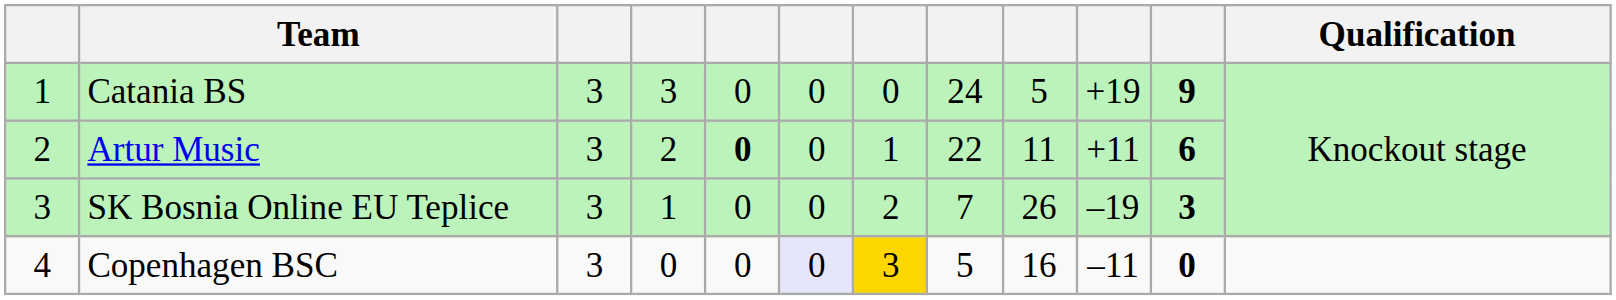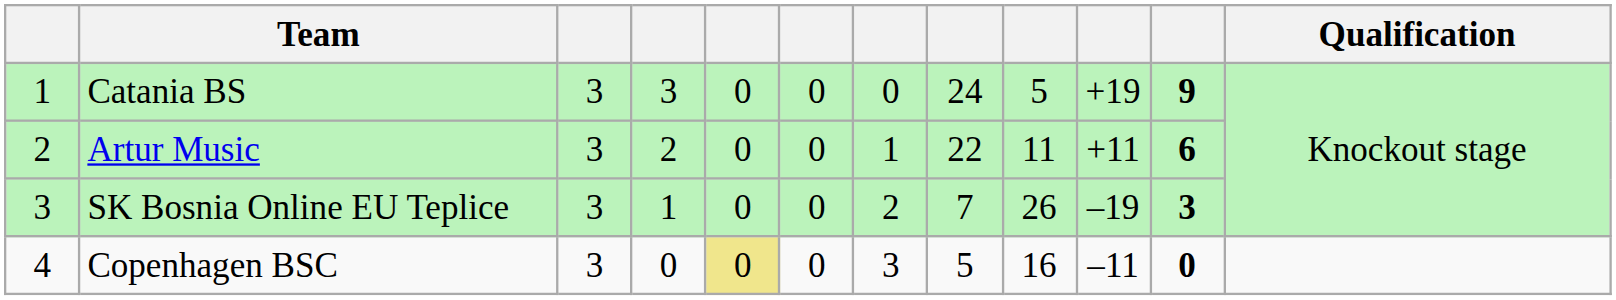 <table class="wikitable" style="font-size: 95%">
 <tr>
 <th width="25"></th>
 <th width="200">Team</th>
 <th width="25"></th>
 <th width="25"></th>
 <th width="25"></th>
 <th width="25"></th>
 <th width="25"></th>
 <th width="25"></th>
 <th width="25"></th>
 <th width="25"></th>
 <th width="25"></th>
 <th width="160">Qualification</th>
 </tr>
 <tr align=center bgcolor=#bbf3bb>
 <td>1</td>
 <td align=left> Catania BS</td>
 <td>3</td>
 <td>3</td>
 <td>0</td>
 <td>0</td>
 <td>0</td>
 <td>24</td>
 <td>5</td>
 <td>+19</td>
 <td><strong>9</strong></td>
 <td rowspan=3>Knockout stage</td>
 </tr>
 <tr align=center bgcolor=#bbf3bb>
 <td>2</td>
 <td align=left> <a href='#'>Artur Music</a></td>
 <td>3</td>
 <td>2</td>
-<td><strong>0</strong></td>
+<td>0</td>
 <td>0</td>
 <td>1</td>
 <td>22</td>
 <td>11</td>
 <td>+11</td>
 <td><strong>6</strong></td>
 </tr>
 <tr align=center bgcolor=#bbf3bb>
 <td>3</td>
 <td align=left> SK Bosnia Online EU Teplice</td>
 <td>3</td>
 <td>1</td>
 <td>0</td>
 <td>0</td>
 <td>2</td>
 <td>7</td>
 <td>26</td>
 <td>–19</td>
 <td><strong>3</strong></td>
 </tr>
 <tr align=center>
 <td>4</td>
 <td align=left> Copenhagen BSC</td>
 <td>3</td>
 <td>0</td>
+<td style="background: khaki;">0</td>
 <td>0</td>
-<td style="background: lavender;">0</td>
-<td style="background: gold;">3</td>
+<td>3</td>
 <td>5</td>
 <td>16</td>
 <td>–11</td>
 <td><strong>0</strong></td>
 <td></td>
 </tr>
 </table>
